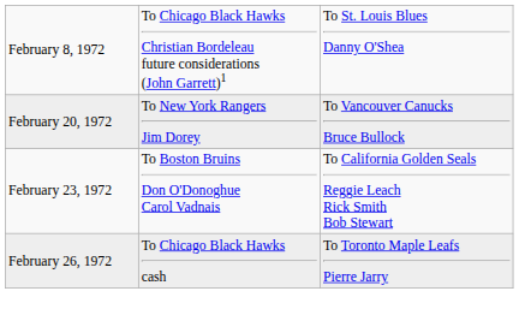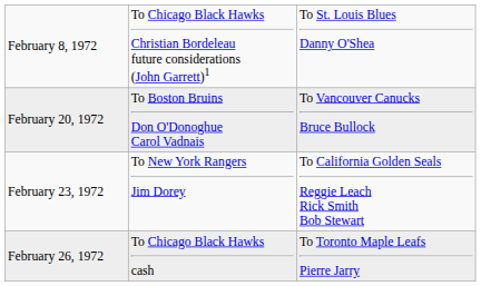 <table class="wikitable" style="border:1px solid #999; width:580px;">
 <tr>
 <td>February 8, 1972</td>
 <td valign="top">To <a href='#'>Chicago Black Hawks</a><hr><a href='#'>Christian Bordeleau</a><br>future considerations<br>(<a href='#'>John Garrett</a>)<sup>1</sup></td>
 <td valign="top">To <a href='#'>St. Louis Blues</a><hr><a href='#'>Danny O'Shea</a></td>
 </tr>
 <tr bgcolor="#eeeeee">
 <td>February 20, 1972</td>
-<td valign="top">To <a href='#'>New York Rangers</a><hr><a href='#'>Jim Dorey</a></td>
+<td valign="top">To <a href='#'>Boston Bruins</a><hr><a href='#'>Don O'Donoghue</a><br><a href='#'>Carol Vadnais</a></td>
 <td valign="top">To <a href='#'>Vancouver Canucks</a><hr><a href='#'>Bruce Bullock</a></td>
 </tr>
 <tr>
 <td>February 23, 1972</td>
-<td valign="top">To <a href='#'>Boston Bruins</a><hr><a href='#'>Don O'Donoghue</a><br><a href='#'>Carol Vadnais</a></td>
+<td valign="top">To <a href='#'>New York Rangers</a><hr><a href='#'>Jim Dorey</a></td>
 <td valign="top">To <a href='#'>California Golden Seals</a><hr><a href='#'>Reggie Leach</a><br><a href='#'>Rick Smith</a><br><a href='#'>Bob Stewart</a></td>
 </tr>
 <tr bgcolor="#eeeeee">
 <td>February 26, 1972</td>
 <td valign="top">To <a href='#'>Chicago Black Hawks</a><hr>cash</td>
 <td valign="top">To <a href='#'>Toronto Maple Leafs</a><hr><a href='#'>Pierre Jarry</a></td>
 </tr>
 </table>
